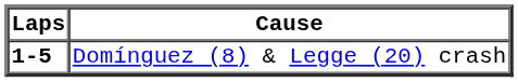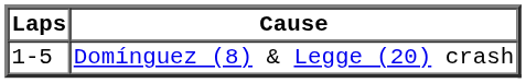 <table border=2 cellspacing=0>
 <tr>
 <th>Laps</th>
 <th>Cause</th>
 </tr>
 <tr>
-<td><strong>1-5</strong></td>
+<td>1-5</td>
 <td><a href='#'>Domínguez (8)</a> & <a href='#'>Legge (20)</a> crash</td>
 </tr>
 </table>
